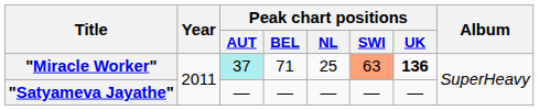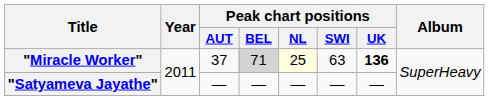 <table class="wikitable plainrowheaders" style="text-align:center;">
 <tr>
 <th scope="col" rowspan="2">Title</th>
 <th scope="col" rowspan="2">Year</th>
 <th scope="col" colspan="5">Peak chart positions</th>
 <th scope="col" rowspan="2">Album</th>
 </tr>
 <tr>
 <th scope="col" style="width:2.5em;font-size:90%;"><a href='#'>AUT</a><br></th>
 <th scope="col" style="width:2.5em;font-size:90%;"><a href='#'>BEL</a><br></th>
 <th scope="col" style="width:2.5em;font-size:90%;"><a href='#'>NL</a><br></th>
 <th scope="col" style="width:2.5em;font-size:90%;"><a href='#'>SWI</a><br></th>
 <th scope="col" style="width:2.5em;font-size:90%;"><a href='#'>UK</a><br></th>
 </tr>
 <tr>
 <th scope="row">"<a href='#'>Miracle Worker</a>"</th>
 <td rowspan="2">2011</td>
-<td style="background: paleturquoise;">37</td>
-<td>71</td>
-<td>25</td>
-<td style="background: lightsalmon;">63</td>
+<td>37</td>
+<td style="background: lightgrey;">71</td>
+<td style="background: lightyellow;">25</td>
+<td>63</td>
 <td><strong>136</strong></td>
 <td rowspan="2"><em>SuperHeavy</em></td>
 </tr>
 <tr>
 <th scope="row">"<a href='#'>Satyameva Jayathe</a>"</th>
 <td>—</td>
 <td>—</td>
 <td>—</td>
 <td>—</td>
 <td>—</td>
 </tr>
 </table>
